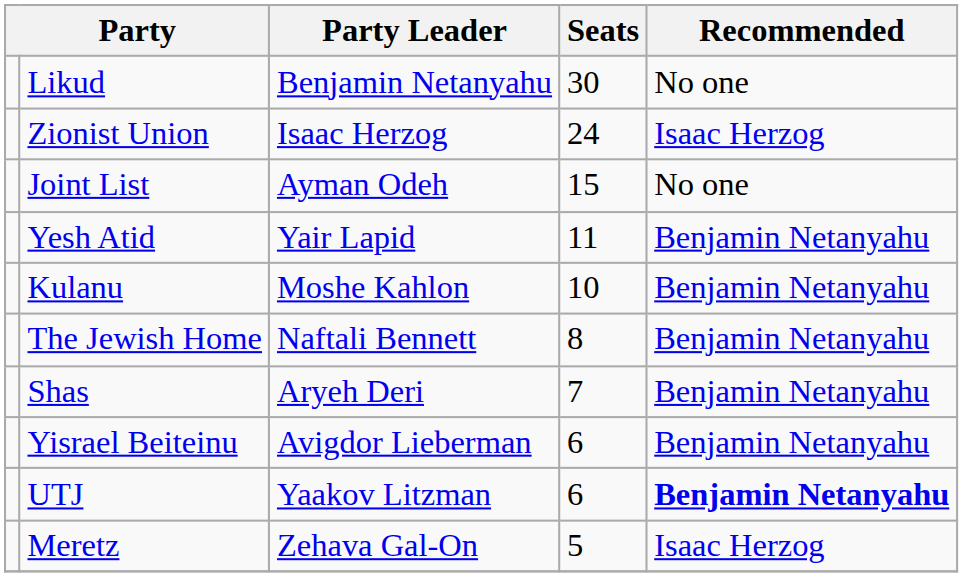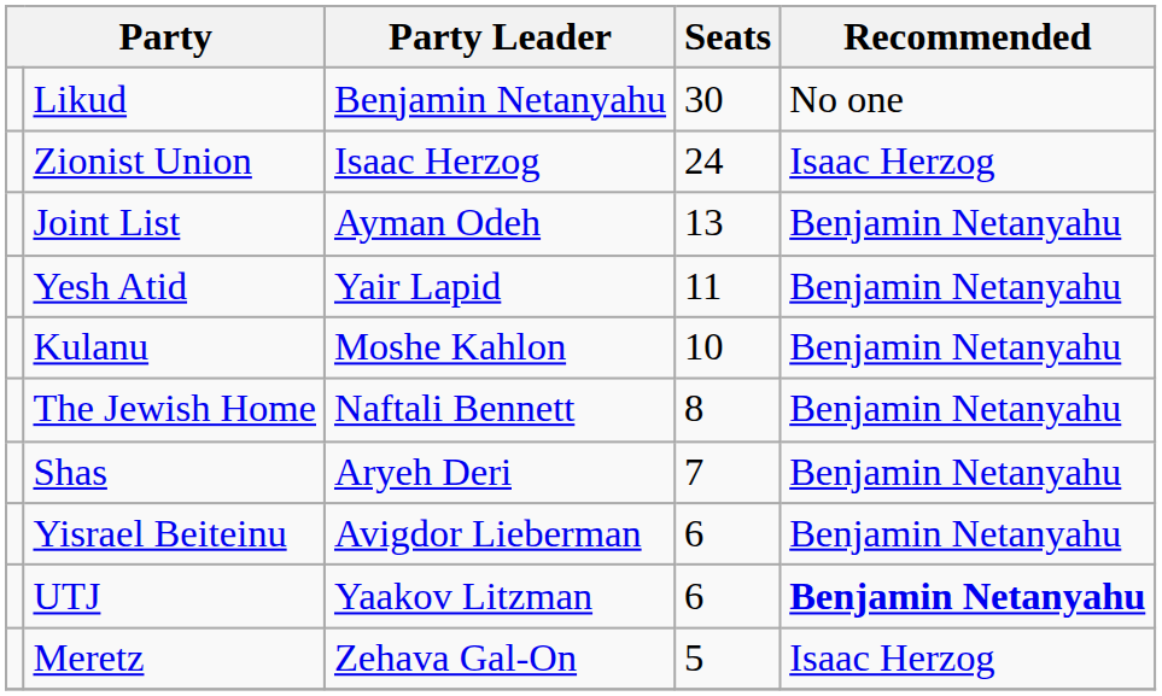 <table class="wikitable">
 <tr>
 <th colspan=2 class="unsortable">Party</th>
 <th class="unsortable">Party Leader</th>
 <th class="unsortable">Seats</th>
 <th>Recommended</th>
 </tr>
 <tr>
 <td style="background:"></td>
 <td><a href='#'>Likud</a></td>
 <td><a href='#'>Benjamin Netanyahu</a></td>
 <td>30</td>
 <td>No one</td>
 </tr>
 <tr>
 <td style="background:"></td>
 <td><a href='#'>Zionist Union</a></td>
 <td><a href='#'>Isaac Herzog</a></td>
 <td>24</td>
 <td><a href='#'>Isaac Herzog</a></td>
 </tr>
 <tr>
 <td style="background:"></td>
 <td><a href='#'>Joint List</a></td>
 <td><a href='#'>Ayman Odeh</a></td>
-<td>15</td>
-<td>No one</td>
+<td>13</td>
+<td><a href='#'>Benjamin Netanyahu</a></td>
 </tr>
 <tr>
 <td style="background:"></td>
 <td><a href='#'>Yesh Atid</a></td>
 <td><a href='#'>Yair Lapid</a></td>
 <td>11</td>
 <td><a href='#'>Benjamin Netanyahu</a></td>
 </tr>
 <tr>
 <td style="background:"></td>
 <td><a href='#'>Kulanu</a></td>
 <td><a href='#'>Moshe Kahlon</a></td>
 <td>10</td>
 <td><a href='#'>Benjamin Netanyahu</a></td>
 </tr>
 <tr>
 <td style="background:"></td>
 <td><a href='#'>The Jewish Home</a></td>
 <td><a href='#'>Naftali Bennett</a></td>
 <td>8</td>
 <td><a href='#'>Benjamin Netanyahu</a></td>
 </tr>
 <tr>
 <td style="background:"></td>
 <td><a href='#'>Shas</a></td>
 <td><a href='#'>Aryeh Deri</a></td>
 <td>7</td>
 <td><a href='#'>Benjamin Netanyahu</a></td>
 </tr>
 <tr>
 <td style="background:"></td>
 <td><a href='#'>Yisrael Beiteinu</a></td>
 <td><a href='#'>Avigdor Lieberman</a></td>
 <td>6</td>
 <td><a href='#'>Benjamin Netanyahu</a></td>
 </tr>
 <tr>
 <td style="background:"></td>
 <td><a href='#'>UTJ</a></td>
 <td><a href='#'>Yaakov Litzman</a></td>
 <td>6</td>
 <td><strong><a href='#'>Benjamin Netanyahu</a></strong></td>
 </tr>
 <tr>
 <td style="background:"></td>
 <td><a href='#'>Meretz</a></td>
 <td><a href='#'>Zehava Gal-On</a></td>
 <td>5</td>
 <td><a href='#'>Isaac Herzog</a></td>
 </tr>
 <tr>
 </tr>
 </table>
